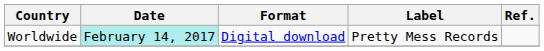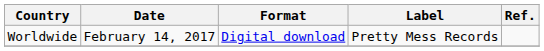 <table class="wikitable plainrowheaders">
 <tr>
 <th scope="col">Country</th>
 <th scope="col">Date</th>
 <th scope="col">Format</th>
 <th scope="col">Label</th>
 <th scope="col">Ref.</th>
 </tr>
 <tr>
 <td>Worldwide</td>
-<td style="background: paleturquoise;">February 14, 2017</td>
+<td>February 14, 2017</td>
 <td><a href='#'>Digital download</a></td>
 <td>Pretty Mess Records</td>
 <td></td>
 </tr>
 <tr>
 </tr>
 </table>
